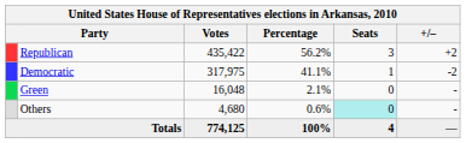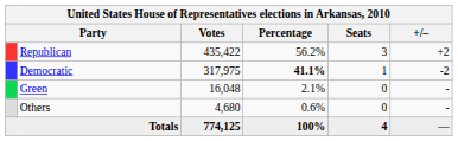 <table class="wikitable" style="font-size: 95%;">
 <tr>
 <th colspan="6">United States House of Representatives elections in Arkansas, 2010</th>
 </tr>
 <tr>
 <th colspan=2 style="width: 15em">Party</th>
 <th style="width: 5em">Votes</th>
 <th style="width: 7em">Percentage</th>
 <th style="width: 5em">Seats</th>
 <th style="width: 5em">+/–</th>
 </tr>
 <tr>
 <th style="background-color:#FF3333; width: 3px"></th>
 <td style="width: 130px"><a href='#'>Republican</a></td>
 <td align="right">435,422</td>
 <td align="right">56.2%</td>
 <td align="right">3</td>
 <td align="right">+2</td>
 </tr>
 <tr>
 <th style="background-color:#3333FF; width: 3px"></th>
 <td style="width: 130px"><a href='#'>Democratic</a></td>
 <td align="right">317,975</td>
-<td align="right">41.1%</td>
+<td align="right"><strong>41.1%</strong></td>
 <td align="right">1</td>
 <td align="right">-2</td>
 </tr>
 <tr>
 <th style="background-color:#0BDA51; width: 3px"></th>
 <td style="width: 130px"><a href='#'>Green</a></td>
 <td align="right">16,048</td>
 <td align="right">2.1%</td>
 <td align="right">0</td>
 <td align="right">-</td>
 </tr>
 <tr>
 <th style="background-color:#DDDDDD; width: 3px"></th>
 <td style="width: 130px">Others</td>
 <td align="right">4,680</td>
 <td align="right">0.6%</td>
-<td align="right" style="background: paleturquoise;">0</td>
+<td align="right">0</td>
 <td align="right">-</td>
 </tr>
 <tr bgcolor="#EEEEEE">
 <td colspan="2" align="right"><strong>Totals</strong></td>
 <td align="right"><strong>774,125</strong></td>
 <td align="right"><strong>100%</strong></td>
 <td align="right"><strong>4</strong></td>
 <td align="right"><strong>—</strong></td>
 </tr>
 </table>
